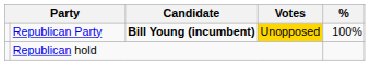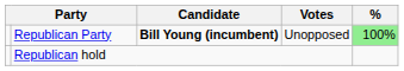 <table class=wikitable>
 <tr>
 <th colspan=2 align=center valign=top>Party</th>
 <th>Candidate</th>
 <th valign=top width=75px>Votes</th>
 <th valign=top width=50px>%</th>
 </tr>
 <tr>
 <td></td>
 <td width=150px><a href='#'>Republican Party</a></td>
 <td><strong>Bill Young (incumbent)</strong></td>
-<td align=right width=75px style="background: gold;">Unopposed</td>
-<td align=right width=50px>100%</td>
+<td align=right width=75px>Unopposed</td>
+<td align=right width=50px style="background: lightgreen;">100%</td>
 </tr>
 <tr>
 <td></td>
 <td colspan=3><a href='#'>Republican</a> hold</td>
 </tr>
 </table>
